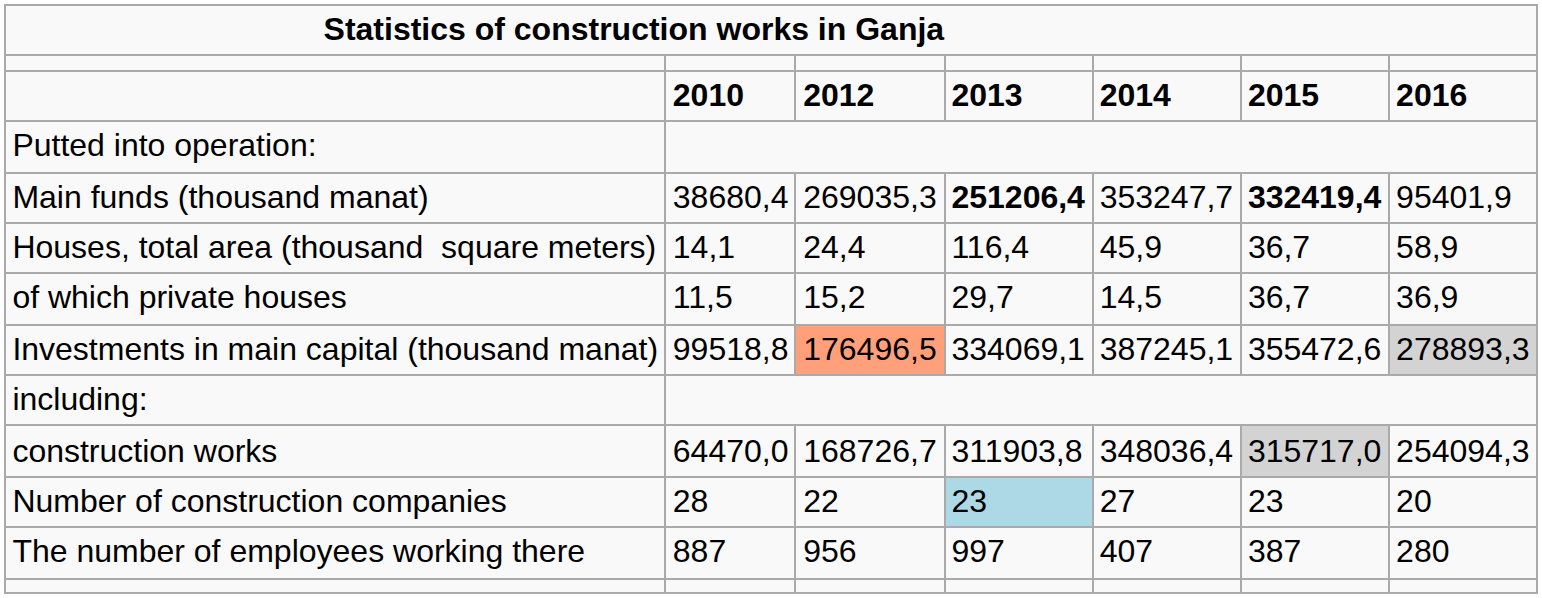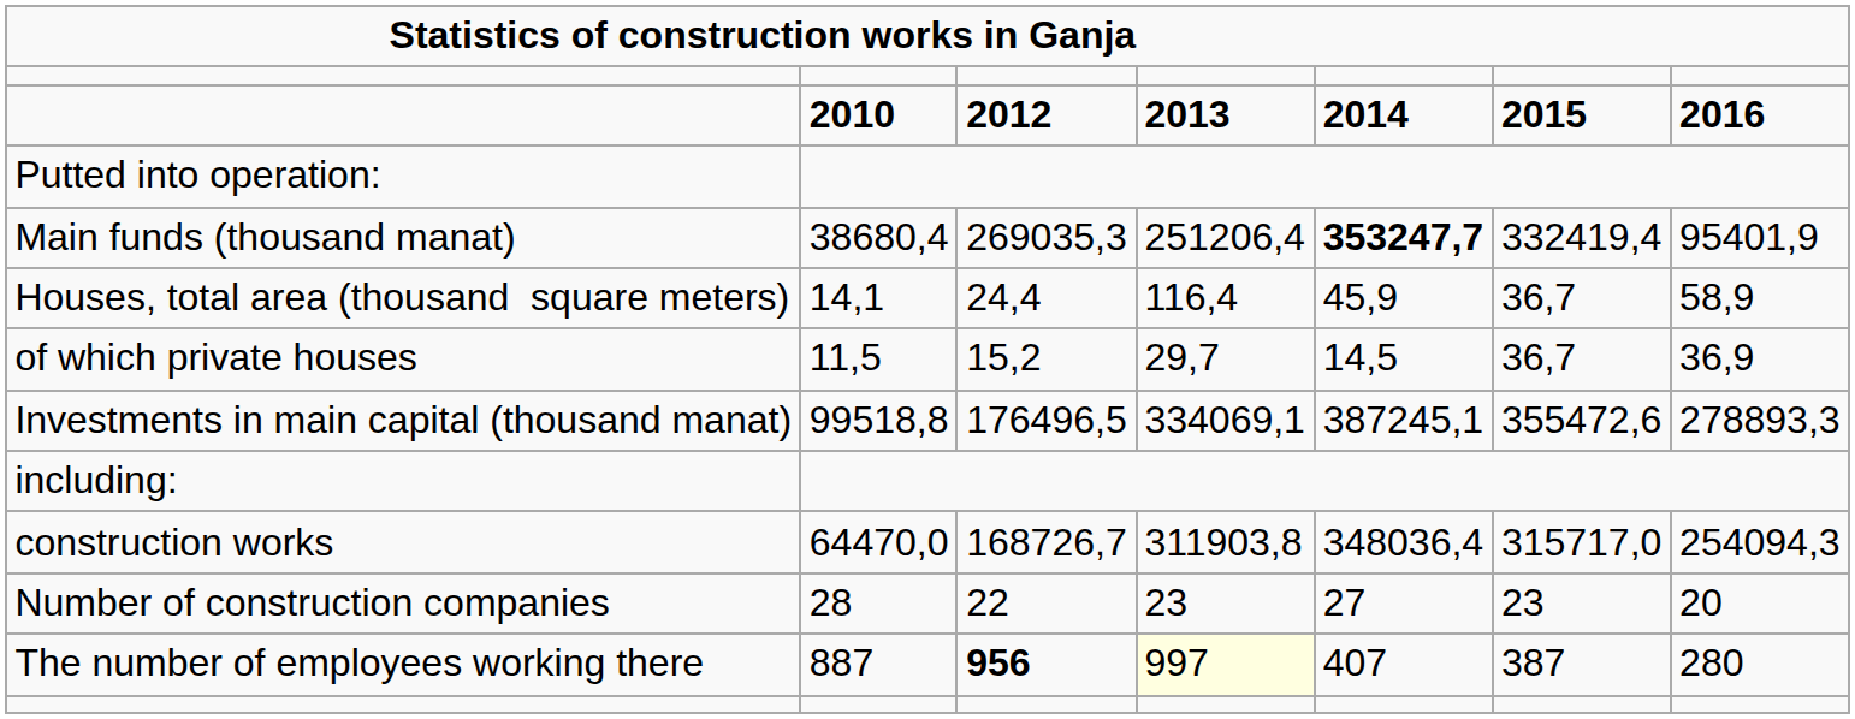 <table class="wikitable">
 <tr>
 <td colspan="7"><strong>                                   Statistics  of construction works in Ganja</strong></td>
 </tr>
 <tr>
 <td></td>
 <td></td>
 <td></td>
 <td></td>
 <td></td>
 <td></td>
 <td></td>
 </tr>
 <tr>
 <td></td>
 <td><strong>2010</strong></td>
 <td><strong>2012</strong></td>
 <td><strong>2013</strong></td>
 <td><strong>2014</strong></td>
 <td><strong>2015</strong></td>
 <td><strong>2016</strong></td>
 </tr>
 <tr>
 <td>Putted  into operation:</td>
 <td colspan="6"></td>
 </tr>
 <tr>
 <td>Main  funds (thousand manat)</td>
 <td>38680,4</td>
 <td>269035,3</td>
-<td><strong>251206,4</strong></td>
-<td>353247,7</td>
-<td><strong>332419,4</strong></td>
+<td>251206,4</td>
+<td><strong>353247,7</strong></td>
+<td>332419,4</td>
 <td>95401,9</td>
 </tr>
 <tr>
 <td>Houses,  total area (thousand  square meters)</td>
 <td>14,1</td>
 <td>24,4</td>
 <td>116,4</td>
 <td>45,9</td>
 <td>36,7</td>
 <td>58,9</td>
 </tr>
 <tr>
 <td>of  which private houses</td>
 <td>11,5</td>
 <td>15,2</td>
 <td>29,7</td>
 <td>14,5</td>
 <td>36,7</td>
 <td>36,9</td>
 </tr>
 <tr>
 <td>Investments  in main capital (thousand manat)</td>
 <td>99518,8</td>
-<td style="background: lightsalmon;">176496,5</td>
+<td>176496,5</td>
 <td>334069,1</td>
 <td>387245,1</td>
 <td>355472,6</td>
-<td style="background: lightgrey;">278893,3</td>
+<td>278893,3</td>
 </tr>
 <tr>
 <td>including:</td>
 <td colspan="6"></td>
 </tr>
 <tr>
 <td>construction  works</td>
 <td>64470,0</td>
 <td>168726,7</td>
 <td>311903,8</td>
 <td>348036,4</td>
-<td style="background: lightgrey;">315717,0</td>
+<td>315717,0</td>
 <td>254094,3</td>
 </tr>
 <tr>
 <td>Number  of construction companies</td>
 <td>28</td>
 <td>22</td>
-<td style="background: lightblue;">23</td>
+<td>23</td>
 <td>27</td>
 <td>23</td>
 <td>20</td>
 </tr>
 <tr>
 <td>The  number of employees working there</td>
 <td>887</td>
-<td>956</td>
-<td>997</td>
+<td><strong>956</strong></td>
+<td style="background: lightyellow;">997</td>
 <td>407</td>
 <td>387</td>
 <td>280</td>
 </tr>
 <tr>
 <td></td>
 <td></td>
 <td></td>
 <td></td>
 <td></td>
 <td></td>
 <td></td>
 </tr>
 </table>
